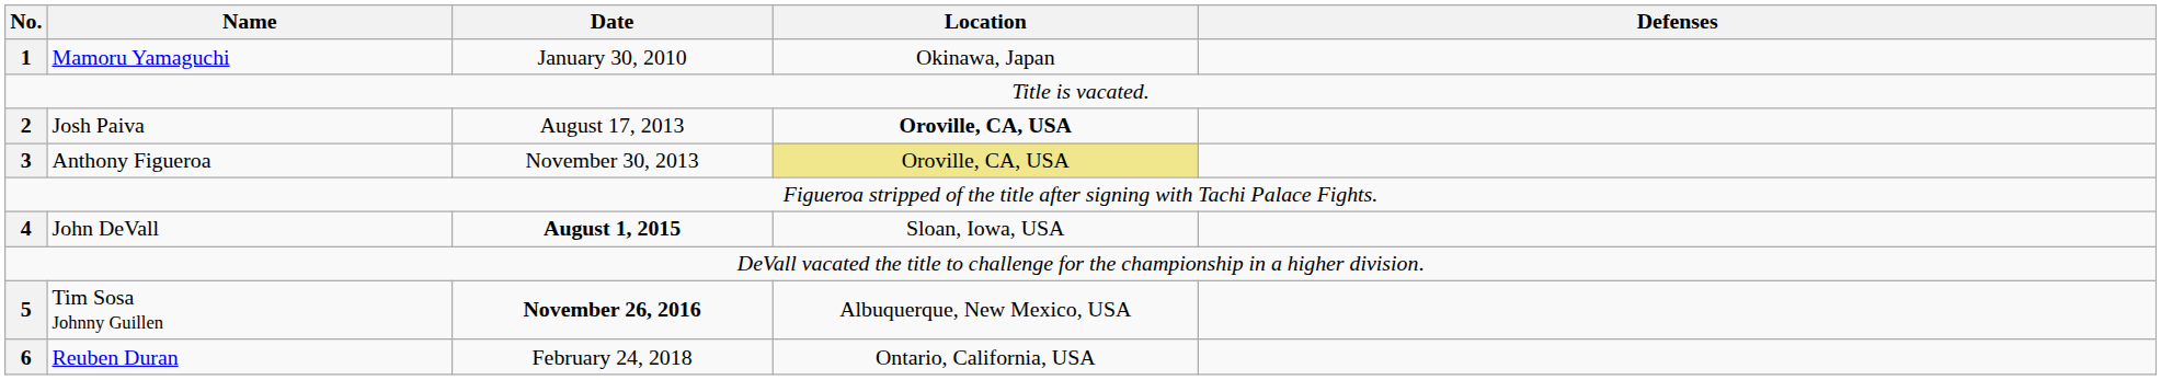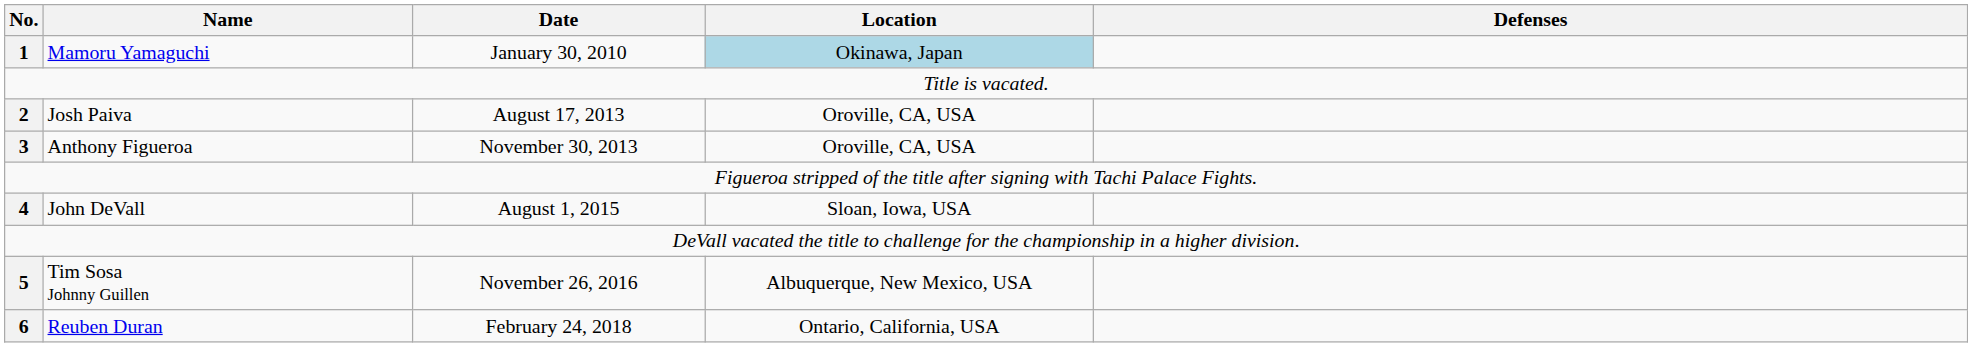 <table class="wikitable" width=100%>
 <tr>
 <th width=1%>No.</th>
 <th width=19%>Name</th>
 <th width=15%>Date</th>
 <th width=20%>Location</th>
 <th width=45%>Defenses</th>
 </tr>
 <tr>
 <th>1</th>
 <td align=left> <a href='#'>Mamoru Yamaguchi</a><br></td>
 <td align=center>January 30, 2010 <br></td>
-<td align=center>Okinawa, Japan</td>
+<td align=center style="background: lightblue;">Okinawa, Japan</td>
 <td></td>
 </tr>
 <tr>
 <td align="center" colspan="5"><em>Title is vacated.</em></td>
 </tr>
 <tr>
 <th>2</th>
 <td align=left> Josh Paiva<br></td>
 <td align=center>August 17, 2013 <br></td>
-<td align=center><strong>Oroville, CA, USA</strong></td>
+<td align=center>Oroville, CA, USA</td>
 <td></td>
 </tr>
 <tr>
 <th>3</th>
 <td align=left> Anthony Figueroa</td>
 <td align=center>November 30, 2013 <br></td>
-<td align=center style="background: khaki;">Oroville, CA, USA</td>
+<td align=center>Oroville, CA, USA</td>
 <td></td>
 </tr>
 <tr>
 <td align="center" colspan="5"><em>Figueroa stripped of the title after signing with Tachi Palace Fights.</em></td>
 </tr>
 <tr>
 <th>4</th>
 <td align=left> John DeVall<br></td>
-<td align=center><strong>August 1, 2015 <br></strong></td>
+<td align=center>August 1, 2015 <br></td>
 <td align=center>Sloan, Iowa, USA</td>
 <td></td>
 </tr>
 <tr>
 <td align="center" colspan="5"><em>DeVall vacated the title to challenge for the championship in a higher division</em>.</td>
 </tr>
 <tr>
 <th>5</th>
 <td align=left> Tim Sosa<br><small>Johnny Guillen</small></td>
-<td align=center><strong>November 26, 2016 <br></strong></td>
+<td align=center>November 26, 2016 <br></td>
 <td align=center>Albuquerque, New Mexico, USA</td>
 <td></td>
 </tr>
 <tr>
 <th>6</th>
 <td align=left> <a href='#'>Reuben Duran</a></td>
 <td align=center>February 24, 2018 <br></td>
 <td align=center>Ontario, California, USA</td>
 <td></td>
 </tr>
 </table>
